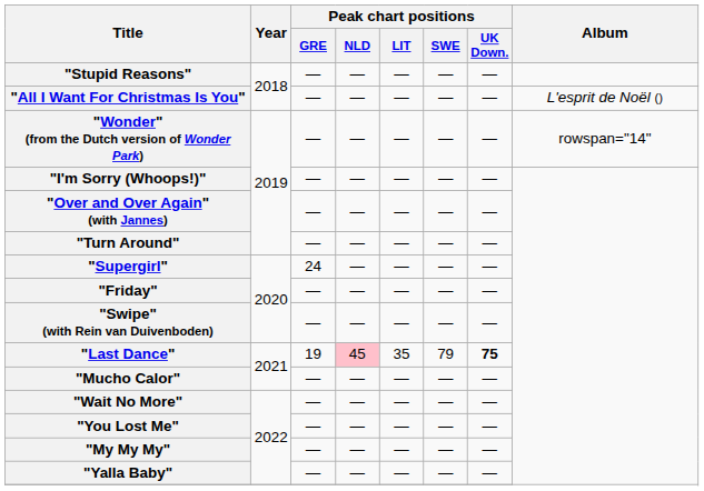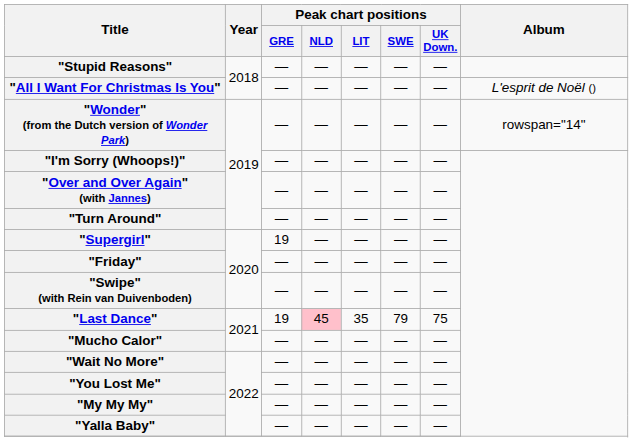 <table class="wikitable plainrowheaders" style="text-align:center;">
 <tr>
 <th scope="col" rowspan="2" style="width:16em;">Title</th>
 <th scope="col" rowspan="2" style="width:1em;">Year</th>
 <th scope="col" colspan="5">Peak chart positions</th>
 <th scope="col" rowspan="2" style="width:12em;">Album</th>
 </tr>
 <tr>
 <th scope="col" style="width:3em;font-size:85%;"><a href='#'>GRE</a><br></th>
 <th scope="col" style="width:3em;font-size:85%;"><a href='#'>NLD</a><br></th>
 <th scope="col" style="width:3em;font-size:85%;"><a href='#'>LIT</a><br></th>
 <th scope="col" style="width:3em;font-size:85%;"><a href='#'>SWE</a><br></th>
 <th scope="col" style="width:3em;font-size:85%;"><a href='#'>UK<br>Down.</a><br></th>
 </tr>
 <tr>
 <th scope="row">"Stupid Reasons"</th>
 <td rowspan="2">2018</td>
 <td>—</td>
 <td>—</td>
 <td>—</td>
 <td>—</td>
 <td>—</td>
 <td></td>
 </tr>
 <tr>
 <th scope="row">"<a href='#'>All I Want For Christmas Is You</a>"</th>
 <td>—</td>
 <td>—</td>
 <td>—</td>
 <td>—</td>
 <td>—</td>
 <td><em>L'esprit de Noël</em> <small>()</small></td>
 </tr>
 <tr>
 <th scope="row">"<a href='#'>Wonder</a>"<br><small>(from the Dutch version of <em><a href='#'>Wonder Park</a></em>)</small></th>
 <td rowspan="4">2019</td>
 <td>—</td>
 <td>—</td>
 <td>—</td>
 <td>—</td>
 <td>—</td>
 <td>rowspan="14" </td>
 </tr>
 <tr>
 <th scope="row">"I'm Sorry (Whoops!)"</th>
 <td>—</td>
 <td>—</td>
 <td>—</td>
 <td>—</td>
 <td>—</td>
 </tr>
 <tr>
 <th scope="row">"<a href='#'>Over and Over Again</a>"<br><small>(with <a href='#'>Jannes</a>)</small></th>
 <td>—</td>
 <td>—</td>
 <td>—</td>
 <td>—</td>
 <td>—</td>
 </tr>
 <tr>
 <th scope="row">"Turn Around"</th>
 <td>—</td>
 <td>—</td>
 <td>—</td>
 <td>—</td>
 <td>—</td>
 </tr>
 <tr>
 <th scope="row">"<a href='#'>Supergirl</a>"</th>
 <td rowspan="3">2020</td>
-<td>24</td>
+<td>19</td>
 <td>—</td>
 <td>—</td>
 <td>—</td>
 <td>—</td>
 </tr>
 <tr>
 <th scope="row">"Friday"</th>
 <td>—</td>
 <td>—</td>
 <td>—</td>
 <td>—</td>
 <td>—</td>
 </tr>
 <tr>
 <th scope="row">"Swipe"<br><small>(with Rein van Duivenboden)</small></th>
 <td>—</td>
 <td>—</td>
 <td>—</td>
 <td>—</td>
 <td>—</td>
 </tr>
 <tr>
 <th scope="row">"<a href='#'>Last Dance</a>"</th>
 <td rowspan="2">2021</td>
 <td>19</td>
 <td style="background: pink;">45</td>
 <td>35</td>
 <td>79</td>
-<td><strong>75</strong></td>
+<td>75</td>
 </tr>
 <tr>
 <th scope="row">"Mucho Calor"</th>
 <td>—</td>
 <td>—</td>
 <td>—</td>
 <td>—</td>
 <td>—</td>
 </tr>
 <tr>
 <th scope="row">"Wait No More"</th>
 <td rowspan="4">2022</td>
 <td>—</td>
 <td>—</td>
 <td>—</td>
 <td>—</td>
 <td>—</td>
 </tr>
 <tr>
 <th scope="row">"You Lost Me"</th>
 <td>—</td>
 <td>—</td>
 <td>—</td>
 <td>—</td>
 <td>—</td>
 </tr>
 <tr>
 <th scope="row">"My My My"</th>
 <td>—</td>
 <td>—</td>
 <td>—</td>
 <td>—</td>
 <td>—</td>
 </tr>
 <tr>
 <th scope="row">"Yalla Baby"</th>
 <td>—</td>
 <td>—</td>
 <td>—</td>
 <td>—</td>
 <td>—</td>
 </tr>
 <tr>
 </tr>
 </table>
